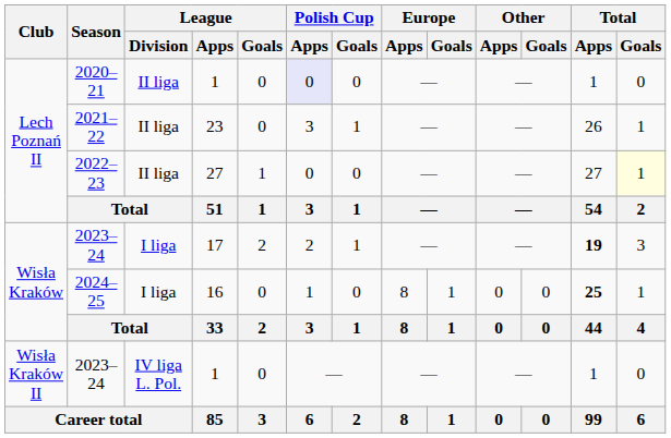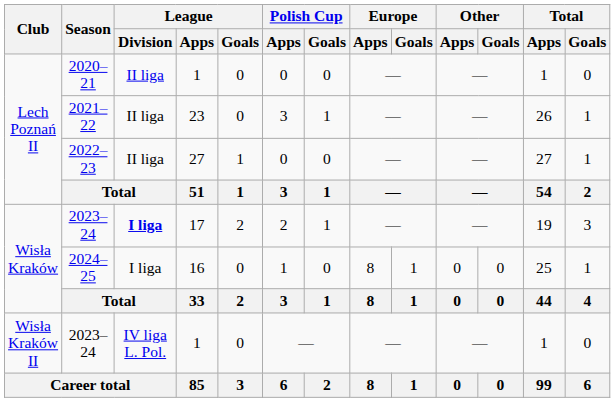 <table class="wikitable" style="text-align: center;">
 <tr>
 <th rowspan="2">Club</th>
 <th rowspan="2">Season</th>
 <th colspan="3">League</th>
 <th colspan="2"><a href='#'>Polish Cup</a></th>
 <th colspan="2">Europe</th>
 <th colspan="2">Other</th>
 <th colspan="2">Total</th>
 </tr>
 <tr>
 <th>Division</th>
 <th>Apps</th>
 <th>Goals</th>
 <th>Apps</th>
 <th>Goals</th>
 <th>Apps</th>
 <th>Goals</th>
 <th>Apps</th>
 <th>Goals</th>
 <th>Apps</th>
 <th>Goals</th>
 </tr>
 <tr>
 <td rowspan=4><a href='#'>Lech Poznań II</a></td>
 <td><a href='#'>2020–21</a></td>
 <td><a href='#'>II liga</a></td>
 <td>1</td>
 <td>0</td>
-<td style="background: lavender;">0</td>
+<td>0</td>
 <td>0</td>
 <td colspan="2">—</td>
 <td colspan="2">—</td>
 <td>1</td>
 <td>0</td>
 </tr>
 <tr>
 <td><a href='#'>2021–22</a></td>
 <td>II liga</td>
 <td>23</td>
 <td>0</td>
 <td>3</td>
 <td>1</td>
 <td colspan="2">—</td>
 <td colspan="2">—</td>
 <td>26</td>
 <td>1</td>
 </tr>
 <tr>
 <td><a href='#'>2022–23</a></td>
 <td>II liga</td>
 <td>27</td>
 <td>1</td>
 <td>0</td>
 <td>0</td>
 <td colspan="2">—</td>
 <td colspan="2">—</td>
 <td>27</td>
-<td style="background: lightyellow;">1</td>
+<td>1</td>
 </tr>
 <tr>
 <th colspan="2">Total</th>
 <th>51</th>
 <th>1</th>
 <th>3</th>
 <th>1</th>
 <th colspan="2">—</th>
 <th colspan="2">—</th>
 <th>54</th>
 <th>2</th>
 </tr>
 <tr>
 <td rowspan=3><a href='#'>Wisła Kraków</a></td>
 <td><a href='#'>2023–24</a></td>
-<td><a href='#'>I liga</a></td>
+<td><strong><a href='#'>I liga</a></strong></td>
 <td>17</td>
 <td>2</td>
 <td>2</td>
 <td>1</td>
 <td colspan="2">—</td>
 <td colspan="2">—</td>
-<td><strong>19</strong></td>
+<td>19</td>
 <td>3</td>
 </tr>
 <tr>
 <td><a href='#'>2024–25</a></td>
 <td>I liga</td>
 <td>16</td>
 <td>0</td>
 <td>1</td>
 <td>0</td>
 <td>8</td>
 <td>1</td>
 <td>0</td>
 <td>0</td>
-<td><strong>25</strong></td>
+<td>25</td>
 <td>1</td>
 </tr>
 <tr>
 <th colspan="2">Total</th>
 <th>33</th>
 <th>2</th>
 <th>3</th>
 <th>1</th>
 <th>8</th>
 <th>1</th>
 <th>0</th>
 <th>0</th>
 <th>44</th>
 <th>4</th>
 </tr>
 <tr>
 <td><a href='#'>Wisła Kraków II</a></td>
 <td>2023–24</td>
 <td><a href='#'>IV liga L. Pol.</a></td>
 <td>1</td>
 <td>0</td>
 <td colspan="2">—</td>
 <td colspan="2">—</td>
 <td colspan="2">—</td>
 <td>1</td>
 <td>0</td>
 </tr>
 <tr>
 <th colspan="3">Career total</th>
 <th>85</th>
 <th>3</th>
 <th>6</th>
 <th>2</th>
 <th>8</th>
 <th>1</th>
 <th>0</th>
 <th>0</th>
 <th>99</th>
 <th>6</th>
 </tr>
 </table>
